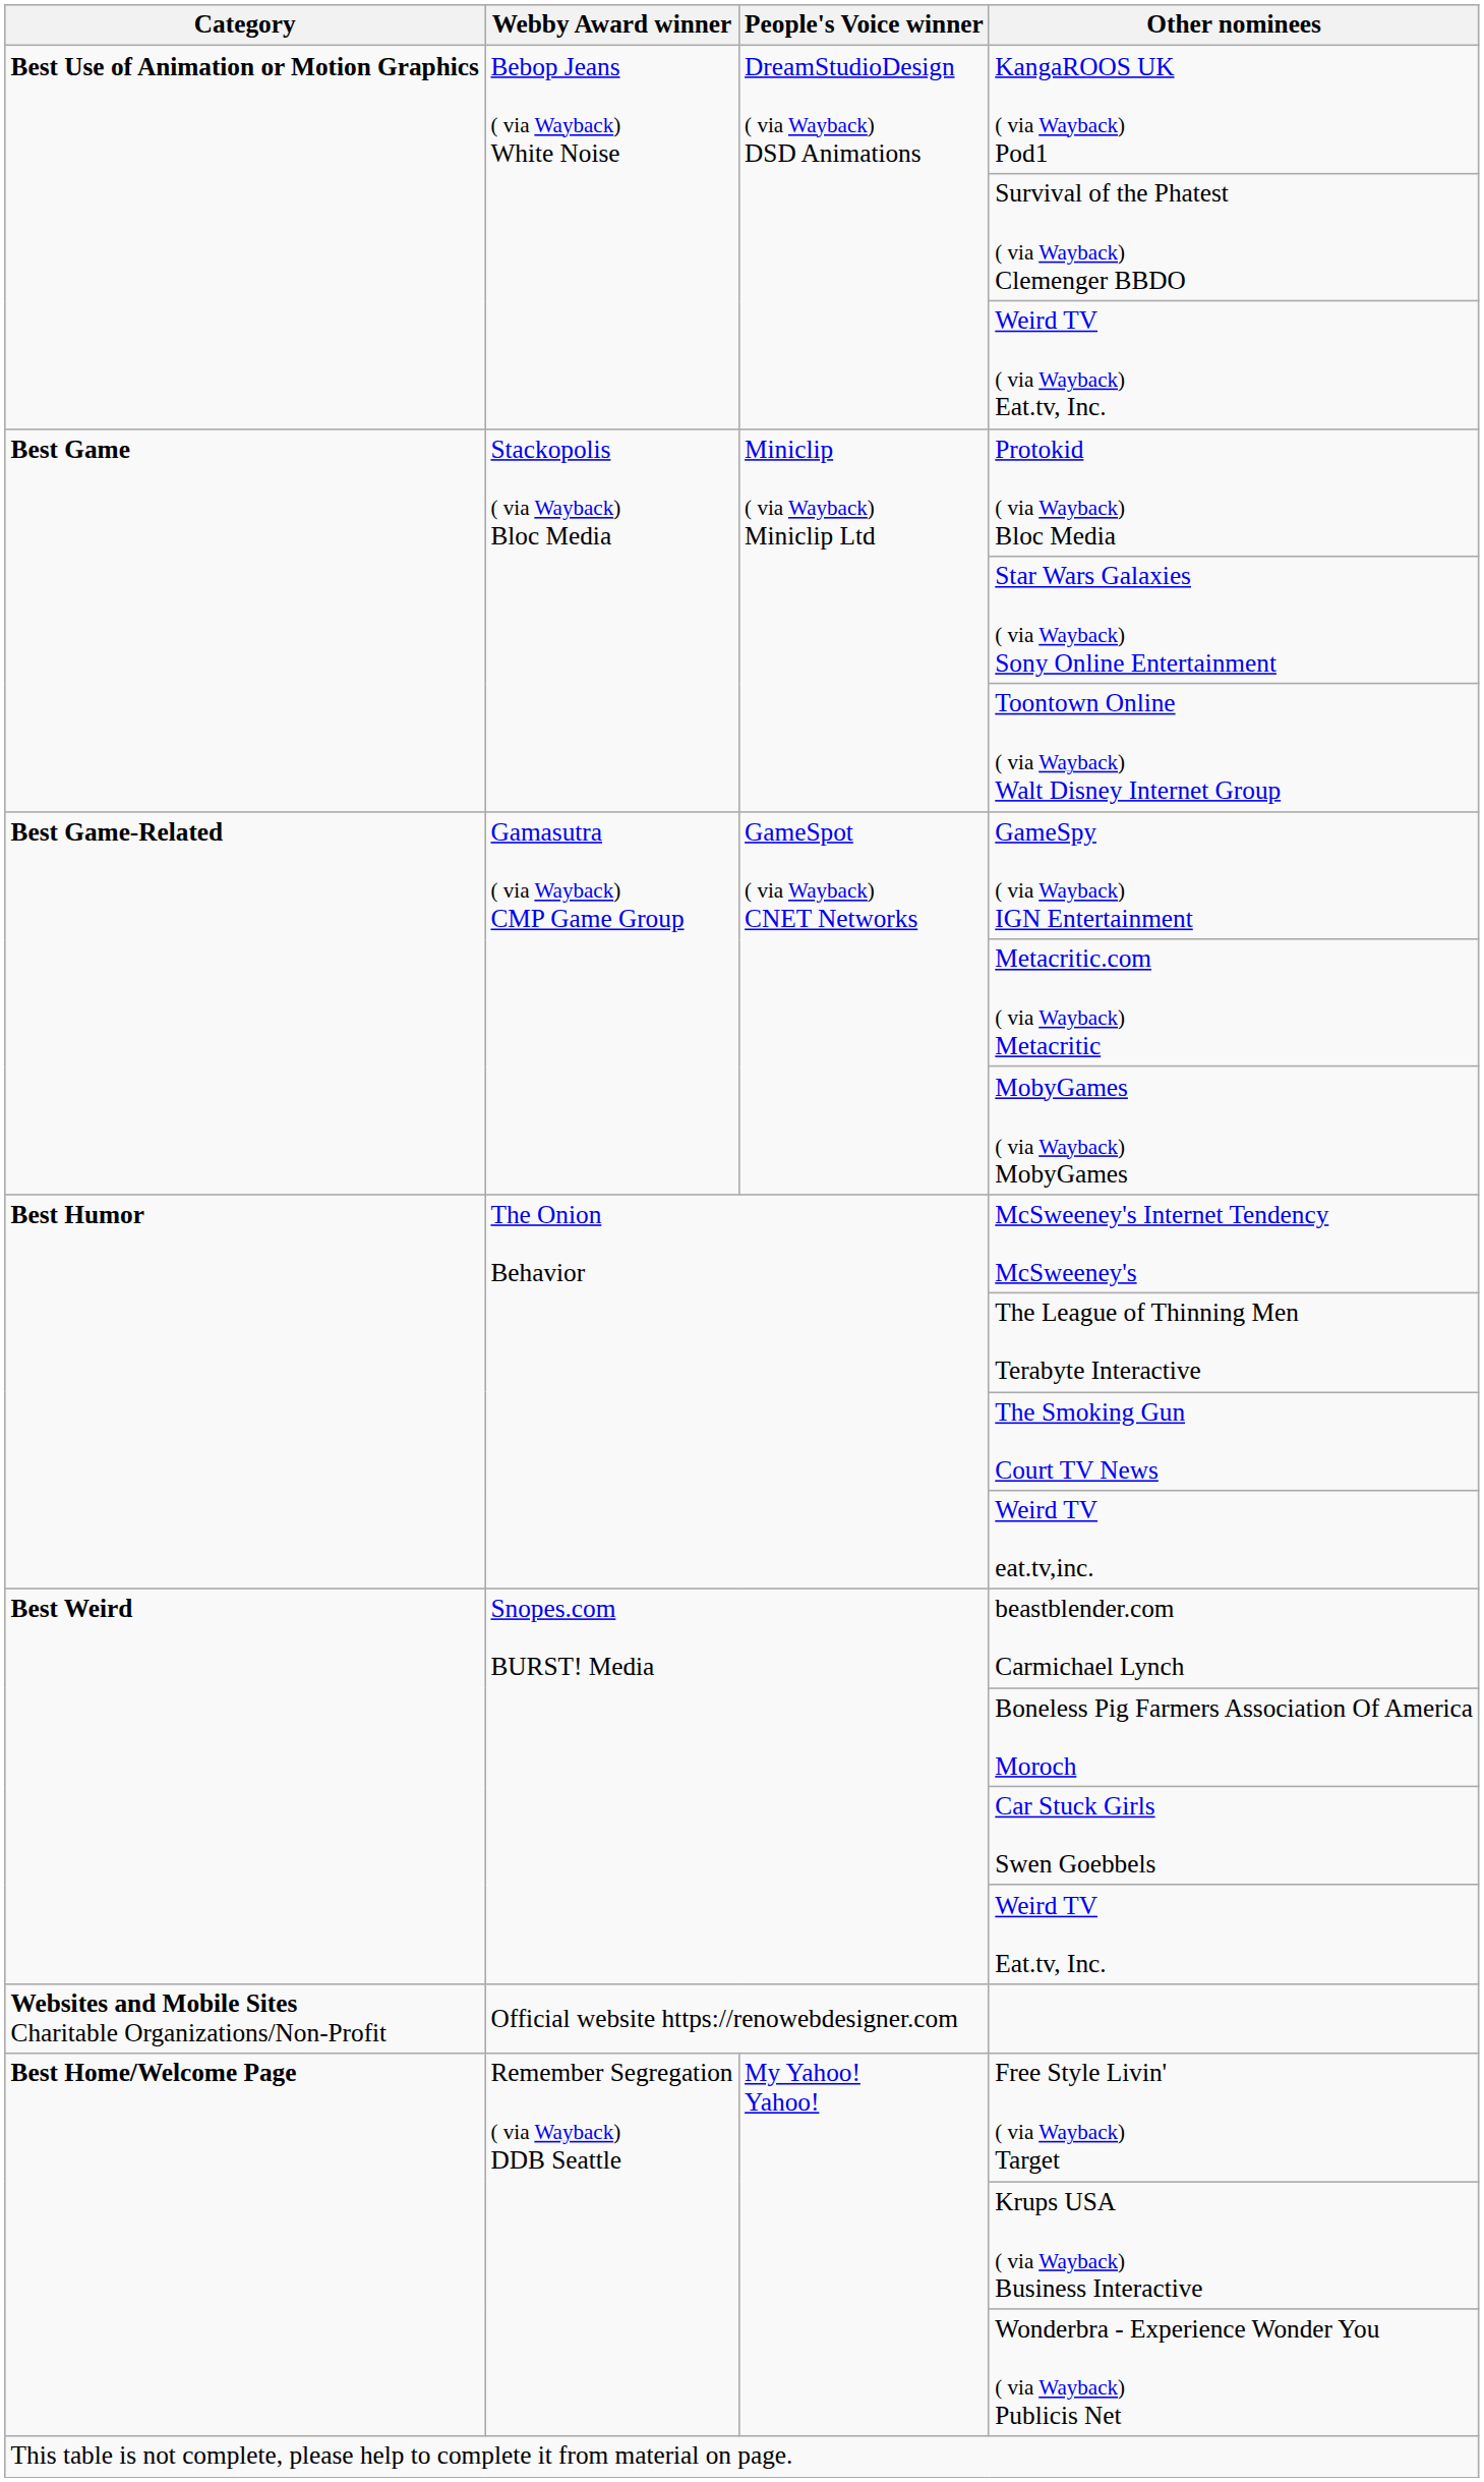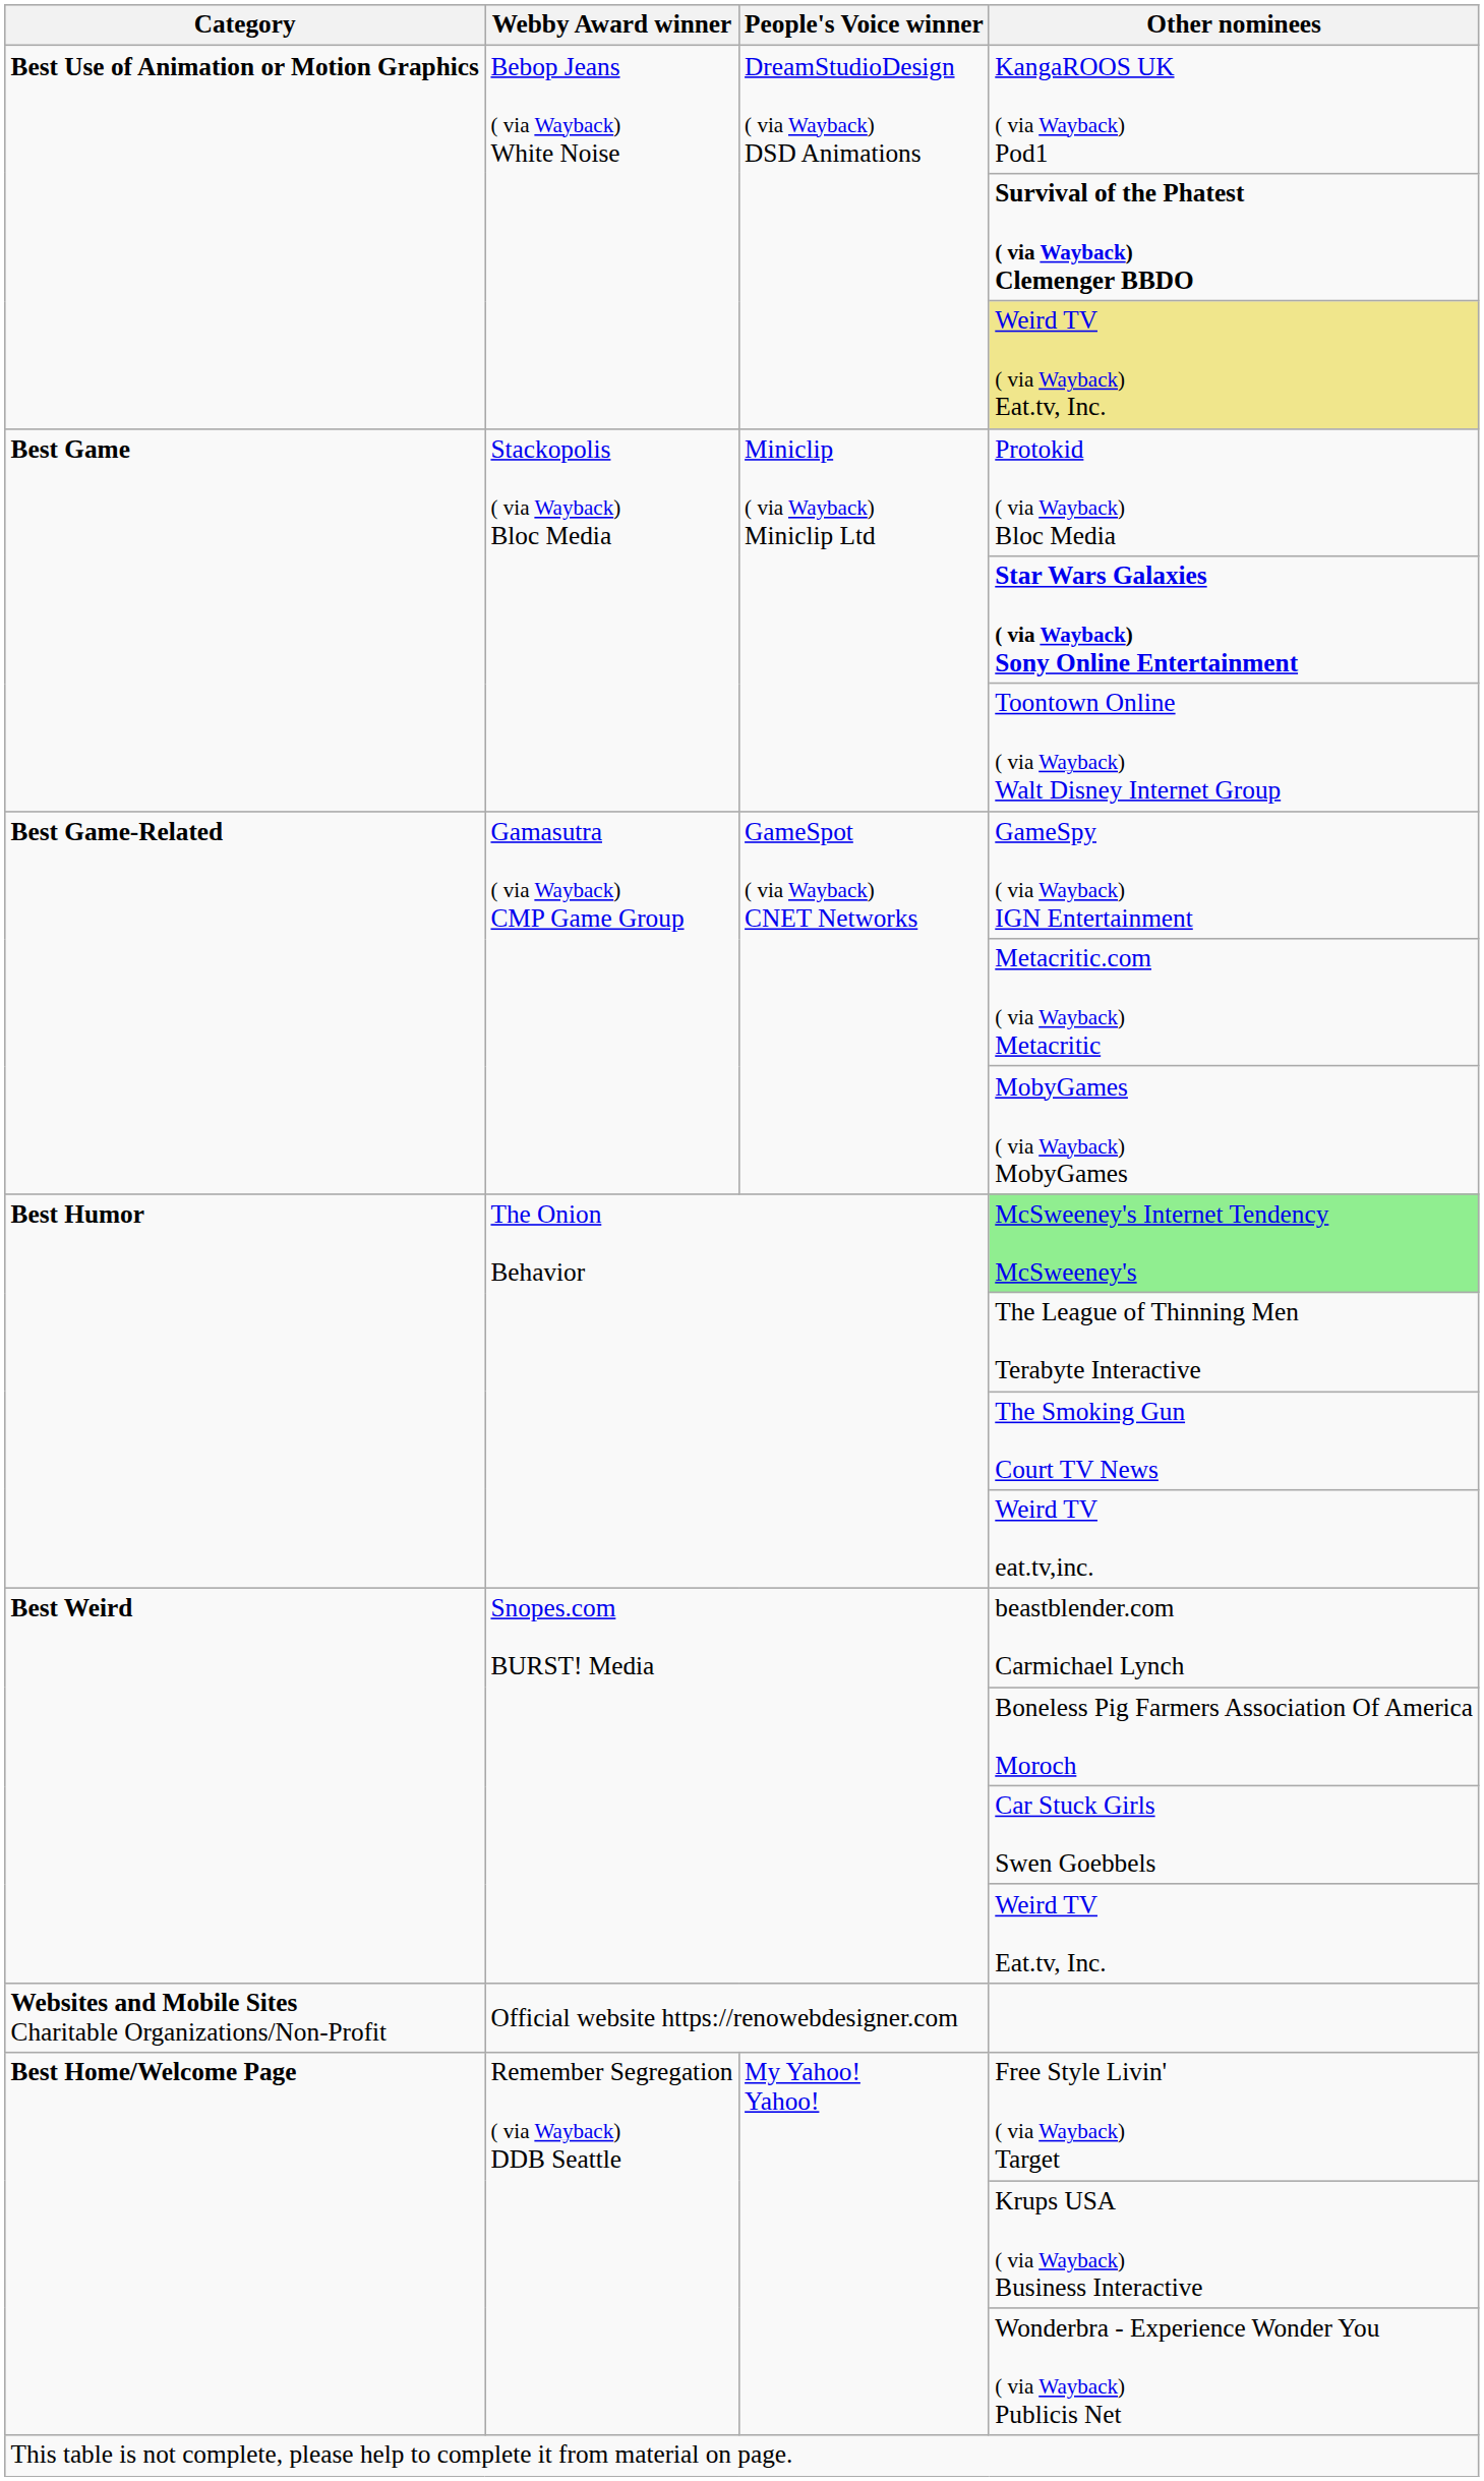 <table class="wikitable">
 <tr>
 <th>Category</th>
 <th>Webby Award winner</th>
 <th>People's Voice winner</th>
 <th>Other nominees</th>
 </tr>
 <tr valign="top">
 <td rowspan="3"><strong>Best Use of Animation or Motion Graphics</strong></td>
 <td rowspan="3"><a href='#'>Bebop Jeans</a><br><br><small>( via <a href='#'>Wayback</a>)</small><br> White Noise</td>
 <td rowspan="3"><a href='#'>DreamStudioDesign</a><br><br><small>( via <a href='#'>Wayback</a>)</small><br> DSD Animations</td>
 <td><a href='#'>KangaROOS UK</a><br><br><small>( via <a href='#'>Wayback</a>)</small><br> Pod1</td>
 </tr>
 <tr valign="top">
-<td>Survival of the Phatest<br><br><small>( via <a href='#'>Wayback</a>)</small><br> Clemenger BBDO</td>
+<td><strong>Survival of the Phatest<br><br><small>( via <a href='#'>Wayback</a>)</small><br> Clemenger BBDO</strong></td>
 </tr>
 <tr valign="top">
-<td><a href='#'>Weird TV</a><br><br><small>( via <a href='#'>Wayback</a>)</small><br> Eat.tv, Inc.</td>
+<td style="background: khaki;"><a href='#'>Weird TV</a><br><br><small>( via <a href='#'>Wayback</a>)</small><br> Eat.tv, Inc.</td>
 </tr>
 <tr valign="top">
 <td rowspan="3"><strong>Best Game</strong></td>
 <td rowspan="3"><a href='#'>Stackopolis</a><br><br><small>( via <a href='#'>Wayback</a>)</small><br> Bloc Media</td>
 <td rowspan="3"><a href='#'>Miniclip</a><br><br><small>( via <a href='#'>Wayback</a>)</small><br> Miniclip Ltd</td>
 <td><a href='#'>Protokid</a><br><br><small>( via <a href='#'>Wayback</a>)</small><br> Bloc Media</td>
 </tr>
 <tr valign="top">
-<td><a href='#'>Star Wars Galaxies</a><br><br><small>( via <a href='#'>Wayback</a>)</small><br> <a href='#'>Sony Online Entertainment</a></td>
+<td><strong><a href='#'>Star Wars Galaxies</a><br><br><small>( via <a href='#'>Wayback</a>)</small><br> <a href='#'>Sony Online Entertainment</a></strong></td>
 </tr>
 <tr valign="top">
 <td><a href='#'>Toontown Online</a><br><br><small>( via <a href='#'>Wayback</a>)</small><br> <a href='#'>Walt Disney Internet Group</a></td>
 </tr>
 <tr valign="top">
 <td rowspan="3"><strong>Best Game-Related</strong></td>
 <td rowspan="3"><a href='#'>Gamasutra</a><br><br><small>( via <a href='#'>Wayback</a>)</small><br> <a href='#'>CMP Game Group</a></td>
 <td rowspan="3"><a href='#'>GameSpot</a><br><br><small>( via <a href='#'>Wayback</a>)</small><br> <a href='#'>CNET Networks</a></td>
 <td><a href='#'>GameSpy</a><br><br><small>( via <a href='#'>Wayback</a>)</small><br> <a href='#'>IGN Entertainment</a></td>
 </tr>
 <tr valign="top">
 <td><a href='#'>Metacritic.com</a><br><br><small>( via <a href='#'>Wayback</a>)</small><br> <a href='#'>Metacritic</a></td>
 </tr>
 <tr valign="top">
 <td><a href='#'>MobyGames</a><br><br><small>( via <a href='#'>Wayback</a>)</small><br> MobyGames</td>
 </tr>
 <tr valign="top">
 <td rowspan="4"><strong>Best Humor</strong></td>
 <td rowspan="4" colspan ="2"><a href='#'>The Onion</a><br><br>Behavior</td>
-<td><a href='#'>McSweeney's Internet Tendency</a><br><br><a href='#'>McSweeney's</a></td>
+<td style="background: lightgreen;"><a href='#'>McSweeney's Internet Tendency</a><br><br><a href='#'>McSweeney's</a></td>
 </tr>
 <tr valign="top">
 <td>The League of Thinning Men<br><br>Terabyte Interactive</td>
 </tr>
 <tr valign="top">
 <td><a href='#'>The Smoking Gun</a><br><br><a href='#'>Court TV News</a></td>
 </tr>
 <tr valign="top">
 <td><a href='#'>Weird TV</a><br><br>eat.tv,inc.</td>
 </tr>
 <tr valign="top">
 <td rowspan="4"><strong>Best Weird</strong></td>
 <td rowspan="4" colspan="2"><a href='#'>Snopes.com</a><br><br>BURST! Media</td>
 <td>beastblender.com<br><br>Carmichael Lynch</td>
 </tr>
 <tr valign="top">
 <td>Boneless Pig Farmers Association Of America<br><br><a href='#'>Moroch</a></td>
 </tr>
 <tr valign="top">
 <td><a href='#'>Car Stuck Girls</a><br><br>Swen Goebbels</td>
 </tr>
 <tr valign="top">
 <td><a href='#'>Weird TV</a><br><br>Eat.tv, Inc.</td>
 </tr>
 <tr>
 <td><strong>Websites and Mobile Sites</strong><br>Charitable Organizations/Non-Profit</td>
 <td colspan="2"> Official website https://renowebdesigner.com<br></td>
 <td><br></td>
 </tr>
 <tr valign="top">
 <td rowspan="3"><strong>Best Home/Welcome Page</strong></td>
 <td rowspan="3">Remember Segregation<br><br><small>( via <a href='#'>Wayback</a>)</small><br> DDB Seattle</td>
 <td rowspan="3"><a href='#'>My Yahoo!</a><br><a href='#'>Yahoo!</a></td>
 <td>Free Style Livin'<br><br><small>( via <a href='#'>Wayback</a>)</small><br> Target</td>
 </tr>
 <tr valign="top">
 <td>Krups USA<br><br><small>( via <a href='#'>Wayback</a>)</small><br> Business Interactive</td>
 </tr>
 <tr valign="top">
 <td>Wonderbra - Experience Wonder You <br><br><small>( via <a href='#'>Wayback</a>)</small><br> Publicis Net</td>
 </tr>
 <tr>
 <td colspan=4>This table is not complete, please help to complete it from material on  page.</td>
 </tr>
 </table>
